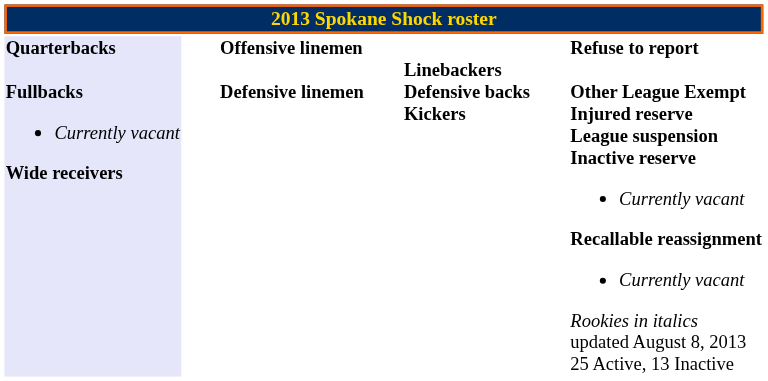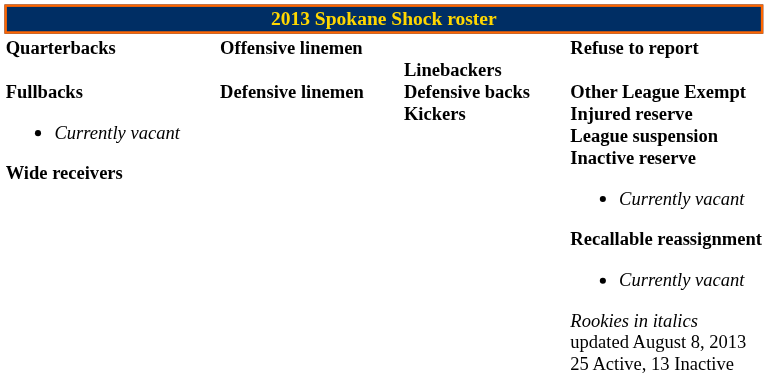 <table class="toccolours" style="text-align: left;">
 <tr>
 <th colspan=7 style="background:#002E64; border: 2px solid #FF6600; color:#FFD700; text-align:center;"><strong>2013 Spokane Shock roster</strong></th>
 </tr>
 <tr>
-<td style="background: lavender; font-size: 95%;" valign="top"><strong>Quarterbacks</strong><br> <br><strong>Fullbacks</strong><ul><li><em>Currently vacant</em></li></ul><strong>Wide receivers</strong>     </td>
+<td style="font-size: 95%;" valign="top"><strong>Quarterbacks</strong><br> <br><strong>Fullbacks</strong><ul><li><em>Currently vacant</em></li></ul><strong>Wide receivers</strong>     </td>
 <td style="width: 25px;"></td>
 <td style="font-size: 95%;" valign="top"><strong>Offensive linemen</strong><br>     <br><strong>Defensive linemen</strong>     </td>
 <td style="width: 25px;"></td>
 <td style="font-size: 95%;" valign="top"><br><strong>Linebackers</strong>  <br><strong>Defensive backs</strong>    <br><strong>Kickers</strong> </td>
 <td style="width: 25px;"></td>
 <td style="font-size: 95%;" valign="top"><strong>Refuse to report</strong><br><br><strong>Other League Exempt</strong>    <br><strong>Injured reserve</strong>     <br><strong>League suspension</strong>   <br><strong>Inactive reserve</strong><ul><li><em>Currently vacant</em></li></ul><strong>Recallable reassignment</strong><ul><li><em>Currently vacant</em></li></ul> <em>Rookies in italics</em><br> <span></span> updated August 8, 2013<br> 25 Active, 13 Inactive </td>
 </tr>
 <tr>
 </tr>
 </table>
